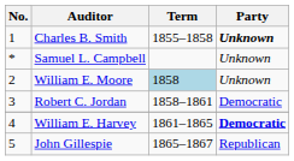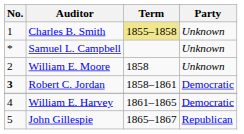 <table class=wikitable>
 <tr>
 <th>No.</th>
 <th colspan=1>Auditor</th>
 <th>Term</th>
 <th>Party</th>
 </tr>
 <tr>
 <td>1</td>
 <td><a href='#'>Charles B. Smith</a></td>
-<td>1855–1858</td>
-<td><strong><em>Unknown</em></strong></td>
+<td style="background: khaki;">1855–1858</td>
+<td><em>Unknown</em></td>
 </tr>
 <tr>
 <td>*</td>
 <td><a href='#'>Samuel L. Campbell</a></td>
 <td></td>
 <td><em>Unknown</em></td>
 </tr>
 <tr>
 <td>2</td>
 <td><a href='#'>William E. Moore</a></td>
-<td style="background: lightblue;">1858</td>
+<td>1858</td>
 <td><em>Unknown</em></td>
 </tr>
 <tr>
-<td>3</td>
+<td><strong>3</strong></td>
 <td><a href='#'>Robert C. Jordan</a></td>
 <td>1858–1861</td>
 <td><a href='#'>Democratic</a></td>
 </tr>
 <tr>
 </tr>
 <tr>
 <td>4</td>
 <td><a href='#'>William E. Harvey</a></td>
 <td>1861–1865</td>
-<td><strong><a href='#'>Democratic</a></strong></td>
+<td><a href='#'>Democratic</a></td>
 </tr>
 <tr>
 <td>5</td>
 <td><a href='#'>John Gillespie</a></td>
 <td>1865–1867</td>
 <td><a href='#'>Republican</a></td>
 </tr>
 </table>
